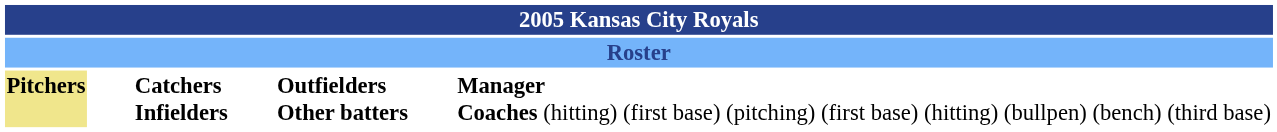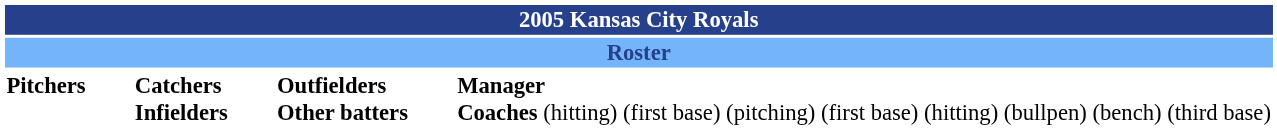 <table class="toccolours" style="font-size: 95%;">
 <tr>
 <th colspan="10" style="background-color: #27408B; color: #FFFFFF; text-align: center;">2005 Kansas City Royals</th>
 </tr>
 <tr>
 <td colspan="10" style="background-color: #74B4FA; color: #27408B; text-align: center;"><strong>Roster</strong></td>
 </tr>
 <tr>
-<td valign="top" style="background: khaki;"><strong>Pitchers</strong><br>                     </td>
+<td valign="top"><strong>Pitchers</strong><br>                     </td>
 <td width="25px"></td>
 <td valign="top"><strong>Catchers</strong><br>   <strong>Infielders</strong>             </td>
 <td width="25px"></td>
 <td valign="top"><strong>Outfielders</strong><br>       <strong>Other batters</strong> </td>
 <td width="25px"></td>
 <td valign="top"><strong>Manager</strong><br>   <strong>Coaches</strong>  (hitting)  (first base)  (pitching)  (first base)  (hitting)  (bullpen)  (bench)  (third base)</td>
 </tr>
 </table>
